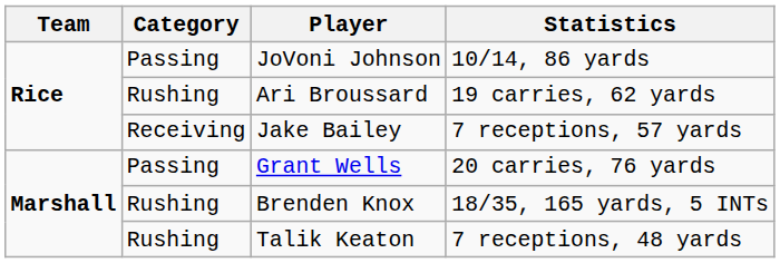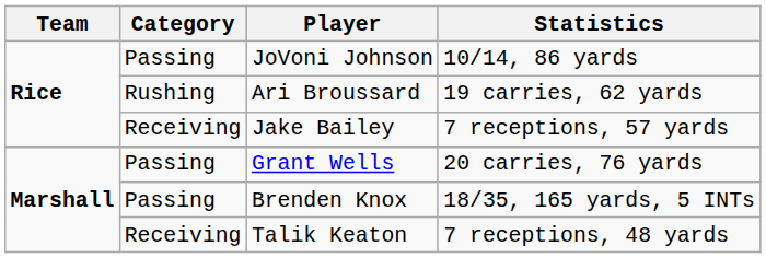 <table class="wikitable" style="float: left;">
 <tr>
 <th>Team</th>
 <th>Category</th>
 <th>Player</th>
 <th>Statistics</th>
 </tr>
 <tr>
 <td rowspan=3><strong>Rice</strong></td>
 <td>Passing</td>
 <td>JoVoni Johnson</td>
 <td>10/14, 86 yards</td>
 </tr>
 <tr>
 <td>Rushing</td>
 <td>Ari Broussard</td>
 <td>19 carries, 62 yards</td>
 </tr>
 <tr>
 <td>Receiving</td>
 <td>Jake Bailey</td>
 <td>7 receptions, 57 yards</td>
 </tr>
 <tr>
 <td rowspan=3><strong>Marshall</strong></td>
 <td>Passing</td>
 <td><a href='#'>Grant Wells</a></td>
 <td>20 carries, 76 yards</td>
 </tr>
 <tr>
-<td>Rushing</td>
+<td>Passing</td>
 <td>Brenden Knox</td>
 <td>18/35, 165 yards, 5 INTs</td>
 </tr>
 <tr>
-<td>Rushing</td>
+<td>Receiving</td>
 <td>Talik Keaton</td>
 <td>7 receptions, 48 yards</td>
 </tr>
 </table>
